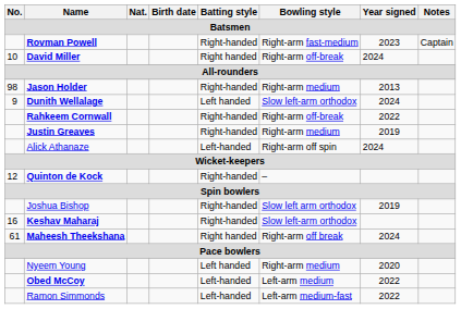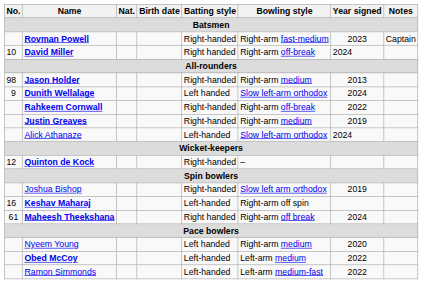 <table class="wikitable"  style="font-size:85%;">
 <tr>
 <th>No.</th>
 <th>Name</th>
 <th>Nat.</th>
 <th>Birth date</th>
 <th>Batting style</th>
 <th>Bowling style</th>
 <th>Year signed</th>
 <th>Notes</th>
 </tr>
 <tr>
 <th colspan="9"  style="background:#dcdcdc; text-align:center;">Batsmen</th>
 </tr>
 <tr>
 <td></td>
 <td><strong><a href='#'>Rovman Powell</a></strong></td>
 <td></td>
 <td></td>
 <td>Right-handed</td>
 <td>Right-arm <a href='#'>fast-medium</a></td>
 <td style="text-align:center;">2023</td>
 <td>Captain</td>
 </tr>
 <tr>
 <td>10</td>
 <td><strong><a href='#'>David Miller</a></strong></td>
 <td></td>
 <td></td>
 <td>Right handed</td>
 <td>Right-arm <a href='#'>off-break</a></td>
 <td>2024</td>
 <td></td>
 </tr>
 <tr>
 <th colspan="9"  style="background:#dcdcdc; text-align:center;">All-rounders</th>
 </tr>
 <tr>
 <td>98</td>
 <td><strong><a href='#'>Jason Holder</a></strong></td>
 <td></td>
 <td></td>
 <td>Right-handed</td>
 <td>Right-arm <a href='#'>medium</a></td>
 <td style="text-align:center;">2013</td>
 <td></td>
 </tr>
 <tr>
 <td style="text-align:center;">9</td>
 <td><strong><a href='#'>Dunith Wellalage</a></strong></td>
 <td></td>
 <td></td>
 <td>Left handed</td>
 <td><a href='#'>Slow left-arm orthodox</a></td>
 <td style="text-align:center;">2024</td>
 <td></td>
 </tr>
 <tr>
 <td></td>
 <td><strong><a href='#'>Rahkeem Cornwall</a></strong></td>
 <td></td>
 <td></td>
 <td>Right-handed</td>
 <td>Right-arm <a href='#'>off-break</a></td>
 <td style="text-align:center">2022</td>
 <td></td>
 </tr>
 <tr>
 <td></td>
 <td><strong><a href='#'>Justin Greaves</a></strong></td>
 <td></td>
 <td></td>
 <td>Right-handed</td>
 <td>Right-arm <a href='#'>medium</a></td>
 <td style="text-align:center;">2019</td>
 <td></td>
 </tr>
 <tr>
 <td></td>
 <td><a href='#'>Alick Athanaze</a></td>
 <td></td>
 <td></td>
 <td>Left-handed</td>
-<td>Right-arm off spin</td>
+<td><a href='#'>Slow left-arm orthodox</a></td>
 <td>2024</td>
 <td></td>
 </tr>
 <tr>
 <th colspan="9"  style="background:#dcdcdc; text-align:center;">Wicket-keepers</th>
 </tr>
 <tr>
 <td>12</td>
 <td><strong><a href='#'>Quinton de Kock</a></strong></td>
 <td></td>
 <td></td>
 <td>Right-handed</td>
 <td>–</td>
 <td></td>
 </tr>
 <tr>
 <th colspan="9"  style="background:#dcdcdc; text-align:center;">Spin bowlers</th>
 </tr>
 <tr>
 <td></td>
 <td><a href='#'>Joshua Bishop</a></td>
 <td></td>
 <td></td>
 <td>Right-handed</td>
 <td><a href='#'>Slow left arm orthodox</a></td>
 <td style="text-align:center;">2019</td>
 <td></td>
 </tr>
 <tr>
 <td>16</td>
 <td><strong><a href='#'>Keshav Maharaj</a></strong></td>
 <td></td>
 <td></td>
-<td>Right-handed</td>
-<td><a href='#'>Slow left-arm orthodox</a></td>
+<td>Left-handed</td>
+<td>Right-arm off spin</td>
 <td></td>
 <td></td>
 </tr>
 <tr>
 <td style="text-align:center;">61</td>
 <td><strong><a href='#'>Maheesh Theekshana</a></strong></td>
 <td></td>
 <td></td>
 <td>Right handed</td>
 <td>Right-arm <a href='#'>off break</a></td>
 <td style="text-align:center;">2024</td>
 <td></td>
 </tr>
 <tr>
 <th colspan="9"  style="background:#dcdcdc; text-align:center;">Pace bowlers</th>
 </tr>
 <tr>
 <td></td>
 <td><a href='#'>Nyeem Young</a></td>
 <td></td>
 <td></td>
 <td>Left handed</td>
 <td>Right-arm <a href='#'>medium</a></td>
 <td style="text-align:center;">2020</td>
 <td></td>
 </tr>
 <tr>
 <td></td>
 <td><strong><a href='#'>Obed McCoy</a></strong></td>
 <td></td>
 <td></td>
 <td>Left-handed</td>
 <td>Left-arm <a href='#'>medium</a></td>
 <td style="text-align:center;">2022</td>
 <td></td>
 </tr>
 <tr>
 <td></td>
 <td><a href='#'>Ramon Simmonds</a></td>
 <td></td>
 <td></td>
 <td>Left-handed</td>
 <td>Left-arm <a href='#'>medium-fast</a></td>
 <td style="text-align:center">2022</td>
 <td></td>
 </tr>
 </table>
